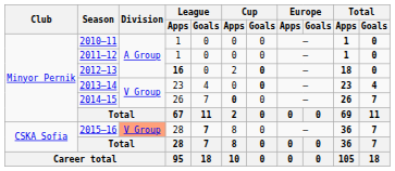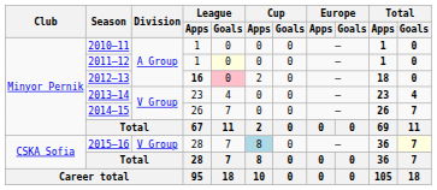 <table class="wikitable" style="font-size:90%; text-align: center">
 <tr>
 <th rowspan="2">Club</th>
 <th rowspan="2">Season</th>
 <th rowspan="2">Division</th>
 <th colspan="2">League</th>
 <th colspan="2">Cup</th>
 <th colspan="2">Europe</th>
 <th colspan="2">Total</th>
 </tr>
 <tr>
 <th>Apps</th>
 <th>Goals</th>
 <th>Apps</th>
 <th>Goals</th>
 <th>Apps</th>
 <th>Goals</th>
 <th>Apps</th>
 <th>Goals</th>
 </tr>
 <tr>
 <td rowspan="6"><a href='#'>Minyor Pernik</a></td>
 <td><a href='#'>2010–11</a></td>
 <td rowspan="3"><a href='#'>A Group</a></td>
 <td>1</td>
 <td>0</td>
 <td>0</td>
 <td>0</td>
 <td colspan="2">—</td>
 <td><strong>1</strong></td>
 <td><strong>0</strong></td>
 </tr>
 <tr>
 <td><a href='#'>2011–12</a></td>
 <td>1</td>
-<td>0</td>
+<td style="background: lightyellow;">0</td>
 <td>0</td>
 <td>0</td>
 <td colspan="2">—</td>
 <td><strong>1</strong></td>
 <td><strong>0</strong></td>
 </tr>
 <tr>
 <td><a href='#'>2012–13</a></td>
 <td><strong>16</strong></td>
+<td style="background: pink;">0</td>
+<td>2</td>
 <td>0</td>
-<td>2</td>
-<td><strong>0</strong></td>
 <td colspan="2">—</td>
 <td><strong>18</strong></td>
 <td><strong>0</strong></td>
 </tr>
 <tr>
 <td><a href='#'>2013–14</a></td>
 <td rowspan="2"><a href='#'>V Group</a></td>
 <td>23</td>
 <td>4</td>
 <td>0</td>
-<td><strong>0</strong></td>
+<td>0</td>
 <td colspan="2">—</td>
 <td><strong>23</strong></td>
 <td><strong>4</strong></td>
 </tr>
 <tr>
 <td><a href='#'>2014–15</a></td>
 <td>26</td>
 <td>7</td>
-<td><strong>0</strong></td>
+<td>0</td>
 <td>0</td>
 <td colspan="2">—</td>
 <td><strong>26</strong></td>
 <td><strong>7</strong></td>
 </tr>
 <tr>
 <th colspan="2">Total</th>
 <th>67</th>
 <th>11</th>
 <th>2</th>
 <th>0</th>
 <th>0</th>
 <th>0</th>
 <th>69</th>
 <th>11</th>
 </tr>
 <tr>
 <td rowspan="2"><a href='#'>CSKA Sofia</a></td>
 <td><a href='#'>2015–16</a></td>
-<td style="background: lightsalmon;"><a href='#'>V Group</a></td>
+<td><a href='#'>V Group</a></td>
 <td>28</td>
-<td><strong>7</strong></td>
-<td>8</td>
+<td>7</td>
+<td style="background: lightblue;">8</td>
 <td>0</td>
 <td colspan="2">—</td>
 <td><strong>36</strong></td>
-<td><strong>7</strong></td>
+<td style="background: lightyellow;"><strong>7</strong></td>
 </tr>
 <tr>
 <th colspan="2">Total</th>
 <th>28</th>
 <th>7</th>
 <th>8</th>
 <th>0</th>
 <th>0</th>
 <th>0</th>
 <th>36</th>
 <th>7</th>
 </tr>
 <tr>
 <th colspan="3">Career total</th>
 <th>95</th>
 <th>18</th>
 <th>10</th>
 <th>0</th>
 <th>0</th>
 <th>0</th>
 <th>105</th>
 <th>18</th>
 </tr>
 </table>
